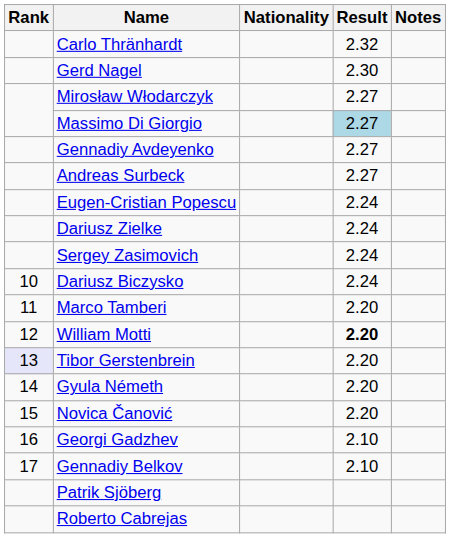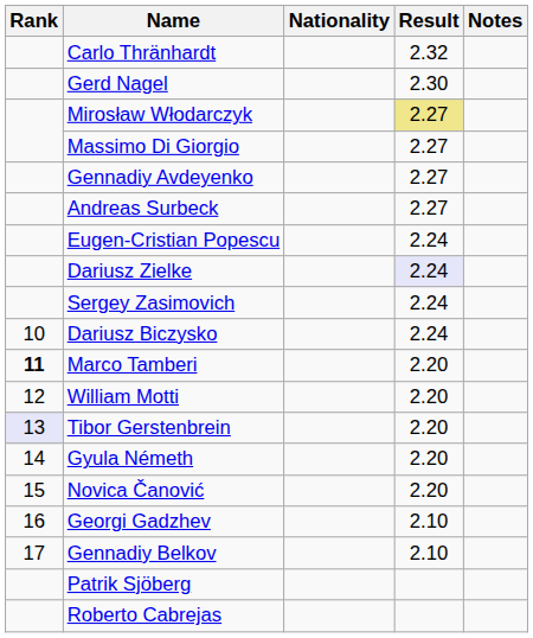 <table class="wikitable sortable" style="text-align:center">
 <tr>
 <th>Rank</th>
 <th>Name</th>
 <th>Nationality</th>
 <th>Result</th>
 <th>Notes</th>
 </tr>
 <tr>
 <td></td>
 <td align="left"><a href='#'>Carlo Thränhardt</a></td>
 <td align=left></td>
 <td>2.32</td>
 <td></td>
 </tr>
 <tr>
 <td></td>
 <td align="left"><a href='#'>Gerd Nagel</a></td>
 <td align=left></td>
 <td>2.30</td>
 <td></td>
 </tr>
 <tr>
 <td rowspan=2></td>
 <td align="left"><a href='#'>Mirosław Włodarczyk</a></td>
 <td align=left></td>
-<td>2.27</td>
+<td style="background: khaki;">2.27</td>
 <td></td>
 </tr>
 <tr>
 <td align="left"><a href='#'>Massimo Di Giorgio</a></td>
 <td align=left></td>
-<td style="background: lightblue;">2.27</td>
+<td>2.27</td>
 <td></td>
 </tr>
 <tr>
 <td></td>
 <td align="left"><a href='#'>Gennadiy Avdeyenko</a></td>
 <td align=left></td>
 <td>2.27</td>
 <td></td>
 </tr>
 <tr>
 <td></td>
 <td align="left"><a href='#'>Andreas Surbeck</a></td>
 <td align=left></td>
 <td>2.27</td>
 <td></td>
 </tr>
 <tr>
 <td></td>
 <td align="left"><a href='#'>Eugen-Cristian Popescu</a></td>
 <td align=left></td>
 <td>2.24</td>
 <td></td>
 </tr>
 <tr>
 <td></td>
 <td align="left"><a href='#'>Dariusz Zielke</a></td>
 <td align=left></td>
-<td>2.24</td>
+<td style="background: lavender;">2.24</td>
 <td></td>
 </tr>
 <tr>
 <td></td>
 <td align="left"><a href='#'>Sergey Zasimovich</a></td>
 <td align=left></td>
 <td>2.24</td>
 <td></td>
 </tr>
 <tr>
 <td>10</td>
 <td align="left"><a href='#'>Dariusz Biczysko</a></td>
 <td align=left></td>
 <td>2.24</td>
 <td></td>
 </tr>
 <tr>
-<td>11</td>
+<td><strong>11</strong></td>
 <td align="left"><a href='#'>Marco Tamberi</a></td>
 <td align=left></td>
 <td>2.20</td>
 <td></td>
 </tr>
 <tr>
 <td>12</td>
 <td align="left"><a href='#'>William Motti</a></td>
 <td align=left></td>
-<td><strong>2.20</strong></td>
+<td>2.20</td>
 <td></td>
 </tr>
 <tr>
 <td style="background: lavender;">13</td>
 <td align="left"><a href='#'>Tibor Gerstenbrein</a></td>
 <td align=left></td>
 <td>2.20</td>
 <td></td>
 </tr>
 <tr>
 <td>14</td>
 <td align="left"><a href='#'>Gyula Németh</a></td>
 <td align=left></td>
 <td>2.20</td>
 <td></td>
 </tr>
 <tr>
 <td>15</td>
 <td align="left"><a href='#'>Novica Čanović</a></td>
 <td align=left></td>
 <td>2.20</td>
 <td></td>
 </tr>
 <tr>
 <td>16</td>
 <td align="left"><a href='#'>Georgi Gadzhev</a></td>
 <td align=left></td>
 <td>2.10</td>
 <td></td>
 </tr>
 <tr>
 <td>17</td>
 <td align="left"><a href='#'>Gennadiy Belkov</a></td>
 <td align=left></td>
 <td>2.10</td>
 <td></td>
 </tr>
 <tr>
 <td></td>
 <td align="left"><a href='#'>Patrik Sjöberg</a></td>
 <td align=left></td>
 <td></td>
 <td></td>
 </tr>
 <tr>
 <td></td>
 <td align="left"><a href='#'>Roberto Cabrejas</a></td>
 <td align=left></td>
 <td></td>
 <td></td>
 </tr>
 </table>
